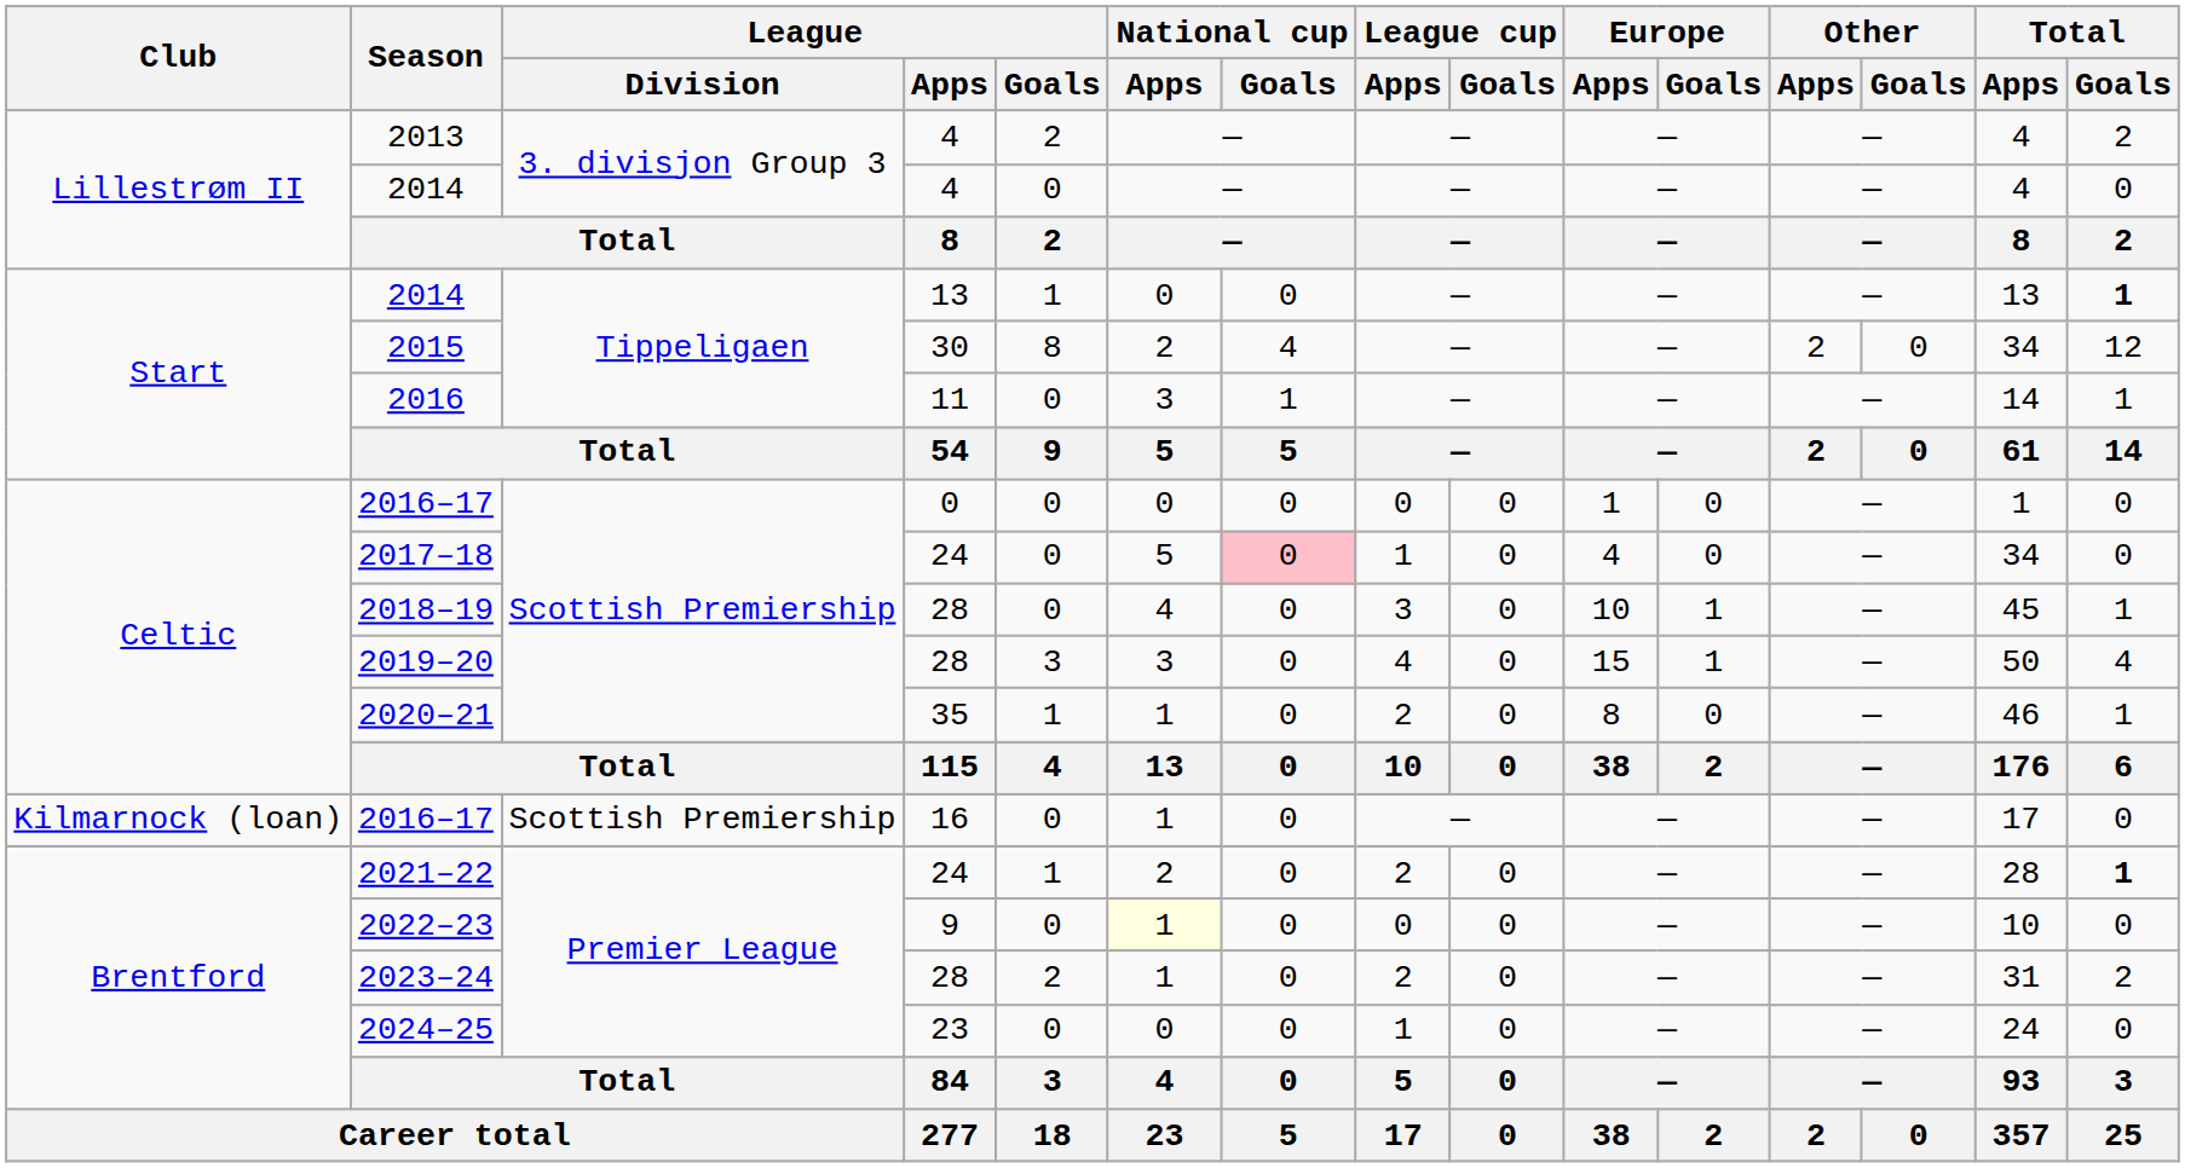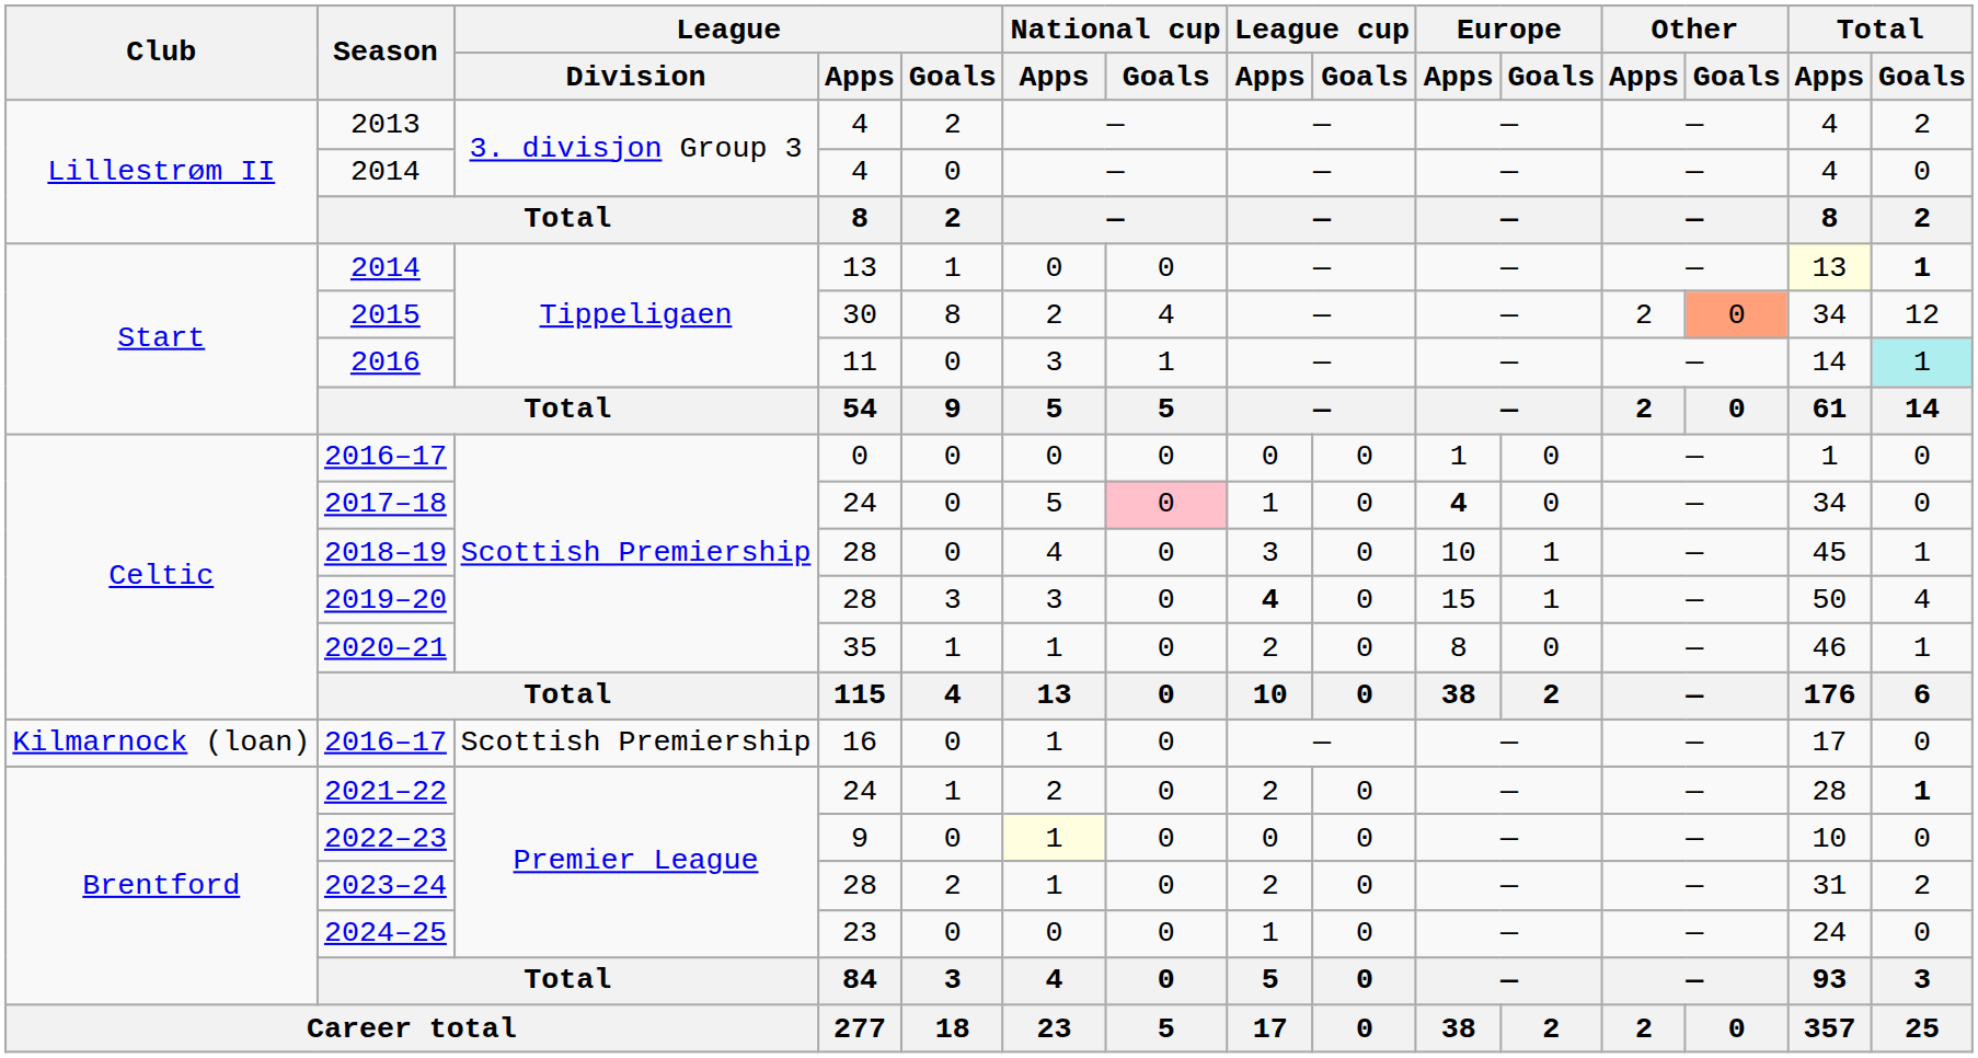 <table class="wikitable" style="text-align:center">
 <tr>
 <th rowspan="2">Club</th>
 <th rowspan="2">Season</th>
 <th colspan="3">League</th>
 <th colspan="2">National cup</th>
 <th colspan="2">League cup</th>
 <th colspan="2">Europe</th>
 <th colspan="2">Other</th>
 <th colspan="2">Total</th>
 </tr>
 <tr>
 <th>Division</th>
 <th>Apps</th>
 <th>Goals</th>
 <th>Apps</th>
 <th>Goals</th>
 <th>Apps</th>
 <th>Goals</th>
 <th>Apps</th>
 <th>Goals</th>
 <th>Apps</th>
 <th>Goals</th>
 <th>Apps</th>
 <th>Goals</th>
 </tr>
 <tr>
 <td rowspan="3"><a href='#'>Lillestrøm II</a></td>
 <td>2013</td>
 <td rowspan="2"><a href='#'>3. divisjon</a> Group 3</td>
 <td>4</td>
 <td>2</td>
 <td colspan="2">—</td>
 <td colspan="2">—</td>
 <td colspan="2">—</td>
 <td colspan="2">—</td>
 <td>4</td>
 <td>2</td>
 </tr>
 <tr>
 <td>2014</td>
 <td>4</td>
 <td>0</td>
 <td colspan="2">—</td>
 <td colspan="2">—</td>
 <td colspan="2">—</td>
 <td colspan="2">—</td>
 <td>4</td>
 <td>0</td>
 </tr>
 <tr>
 <th colspan="2">Total</th>
 <th>8</th>
 <th>2</th>
 <th colspan="2">—</th>
 <th colspan="2">—</th>
 <th colspan="2">—</th>
 <th colspan="2">—</th>
 <th>8</th>
 <th>2</th>
 </tr>
 <tr>
 <td rowspan="4"><a href='#'>Start</a></td>
 <td><a href='#'>2014</a></td>
 <td rowspan="3"><a href='#'>Tippeligaen</a></td>
 <td>13</td>
 <td>1</td>
 <td>0</td>
 <td>0</td>
 <td colspan="2">—</td>
 <td colspan="2">—</td>
 <td colspan="2">—</td>
-<td>13</td>
+<td style="background: lightyellow;">13</td>
 <td><strong>1</strong></td>
 </tr>
 <tr>
 <td><a href='#'>2015</a></td>
 <td>30</td>
 <td>8</td>
 <td>2</td>
 <td>4</td>
 <td colspan="2">—</td>
 <td colspan="2">—</td>
 <td>2</td>
-<td>0</td>
+<td style="background: lightsalmon;">0</td>
 <td>34</td>
 <td>12</td>
 </tr>
 <tr>
 <td><a href='#'>2016</a></td>
 <td>11</td>
 <td>0</td>
 <td>3</td>
 <td>1</td>
 <td colspan="2">—</td>
 <td colspan="2">—</td>
 <td colspan="2">—</td>
 <td>14</td>
-<td>1</td>
+<td style="background: paleturquoise;">1</td>
 </tr>
 <tr>
 <th colspan="2">Total</th>
 <th>54</th>
 <th>9</th>
 <th>5</th>
 <th>5</th>
 <th colspan="2">—</th>
 <th colspan="2">—</th>
 <th>2</th>
 <th>0</th>
 <th>61</th>
 <th>14</th>
 </tr>
 <tr>
 <td rowspan="6"><a href='#'>Celtic</a></td>
 <td><a href='#'>2016–17</a></td>
 <td rowspan="5"><a href='#'>Scottish Premiership</a></td>
 <td>0</td>
 <td>0</td>
 <td>0</td>
 <td>0</td>
 <td>0</td>
 <td>0</td>
 <td>1</td>
 <td>0</td>
 <td colspan="2">—</td>
 <td>1</td>
 <td>0</td>
 </tr>
 <tr>
 <td><a href='#'>2017–18</a></td>
 <td>24</td>
 <td>0</td>
 <td>5</td>
 <td style="background: pink;">0</td>
 <td>1</td>
 <td>0</td>
-<td>4</td>
+<td><strong>4</strong></td>
 <td>0</td>
 <td colspan="2">—</td>
 <td>34</td>
 <td>0</td>
 </tr>
 <tr>
 <td><a href='#'>2018–19</a></td>
 <td>28</td>
 <td>0</td>
 <td>4</td>
 <td>0</td>
 <td>3</td>
 <td>0</td>
 <td>10</td>
 <td>1</td>
 <td colspan="2">—</td>
 <td>45</td>
 <td>1</td>
 </tr>
 <tr>
 <td><a href='#'>2019–20</a></td>
 <td>28</td>
 <td>3</td>
 <td>3</td>
 <td>0</td>
-<td>4</td>
+<td><strong>4</strong></td>
 <td>0</td>
 <td>15</td>
 <td>1</td>
 <td colspan="2">—</td>
 <td>50</td>
 <td>4</td>
 </tr>
 <tr>
 <td><a href='#'>2020–21</a></td>
 <td>35</td>
 <td>1</td>
 <td>1</td>
 <td>0</td>
 <td>2</td>
 <td>0</td>
 <td>8</td>
 <td>0</td>
 <td colspan="2">—</td>
 <td>46</td>
 <td>1</td>
 </tr>
 <tr>
 <th colspan="2">Total</th>
 <th>115</th>
 <th>4</th>
 <th>13</th>
 <th>0</th>
 <th>10</th>
 <th>0</th>
 <th>38</th>
 <th>2</th>
 <th colspan="2">—</th>
 <th>176</th>
 <th>6</th>
 </tr>
 <tr>
 <td><a href='#'>Kilmarnock</a> (loan)</td>
 <td><a href='#'>2016–17</a></td>
 <td>Scottish Premiership</td>
 <td>16</td>
 <td>0</td>
 <td>1</td>
 <td>0</td>
 <td colspan="2">—</td>
 <td colspan="2">—</td>
 <td colspan="2">—</td>
 <td>17</td>
 <td>0</td>
 </tr>
 <tr>
 <td rowspan="5"><a href='#'>Brentford</a></td>
 <td><a href='#'>2021–22</a></td>
 <td rowspan="4"><a href='#'>Premier League</a></td>
 <td>24</td>
 <td>1</td>
 <td>2</td>
 <td>0</td>
 <td>2</td>
 <td>0</td>
 <td colspan="2">—</td>
 <td colspan="2">—</td>
 <td>28</td>
 <td><strong>1</strong></td>
 </tr>
 <tr>
 <td><a href='#'>2022–23</a></td>
 <td>9</td>
 <td>0</td>
 <td style="background: lightyellow;">1</td>
 <td>0</td>
 <td>0</td>
 <td>0</td>
 <td colspan="2">—</td>
 <td colspan="2">—</td>
 <td>10</td>
 <td>0</td>
 </tr>
 <tr>
 <td><a href='#'>2023–24</a></td>
 <td>28</td>
 <td>2</td>
 <td>1</td>
 <td>0</td>
 <td>2</td>
 <td>0</td>
 <td colspan="2">—</td>
 <td colspan="2">—</td>
 <td>31</td>
 <td>2</td>
 </tr>
 <tr>
 <td><a href='#'>2024–25</a></td>
 <td>23</td>
 <td>0</td>
 <td>0</td>
 <td>0</td>
 <td>1</td>
 <td>0</td>
 <td colspan="2">—</td>
 <td colspan="2">—</td>
 <td>24</td>
 <td>0</td>
 </tr>
 <tr>
 <th colspan="2">Total</th>
 <th>84</th>
 <th>3</th>
 <th>4</th>
 <th>0</th>
 <th>5</th>
 <th>0</th>
 <th colspan="2">—</th>
 <th colspan="2">—</th>
 <th>93</th>
 <th>3</th>
 </tr>
 <tr>
 <th colspan="3">Career total</th>
 <th>277</th>
 <th>18</th>
 <th>23</th>
 <th>5</th>
 <th>17</th>
 <th>0</th>
 <th>38</th>
 <th>2</th>
 <th>2</th>
 <th>0</th>
 <th>357</th>
 <th>25</th>
 </tr>
 </table>
